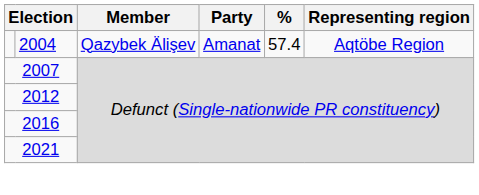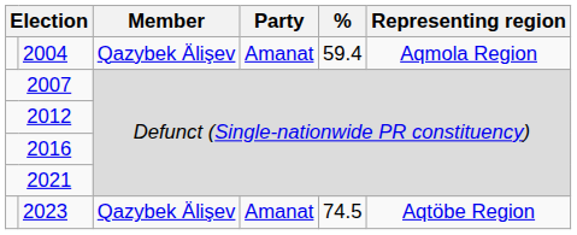 <table class="wikitable">
 <tr>
 <th colspan="2">Election</th>
 <th>Member</th>
 <th>Party</th>
 <th>%</th>
 <th>Representing region</th>
 </tr>
 <tr>
 <td style="background-color: "></td>
 <td><a href='#'>2004</a></td>
 <td><a href='#'>Qazybek Älişev</a></td>
 <td><a href='#'>Amanat</a></td>
-<td align="right">57.4</td>
-<td align="center"><a href='#'>Aqtöbe Region</a></td>
+<td align="right">59.4</td>
+<td align="center"><a href='#'>Aqmola Region</a></td>
 </tr>
 <tr>
 <td colspan="2" align="center"><a href='#'>2007</a></td>
 <td colspan="4" rowspan="4" align="center" style="background-color:#DCDCDC"><em>Defunct (<a href='#'>Single-nationwide PR constituency</a>)</em></td>
 </tr>
 <tr>
 <td colspan="2" align="center"><a href='#'>2012</a></td>
 </tr>
 <tr>
 <td colspan="2" align="center"><a href='#'>2016</a></td>
 </tr>
 <tr>
 <td colspan="2" align="center"><a href='#'>2021</a></td>
 </tr>
+<tr>
+<td style="background-color: "></td>
+<td><a href='#'>2023</a></td>
+<td><a href='#'>Qazybek Älişev</a></td>
+<td><a href='#'>Amanat</a></td>
+<td align="right">74.5</td>
+<td align="center"><a href='#'>Aqtöbe Region</a></td>
+</tr>
 </table>
